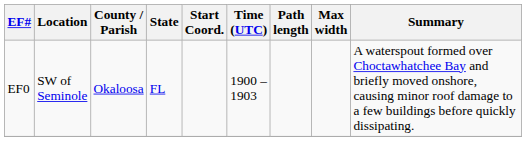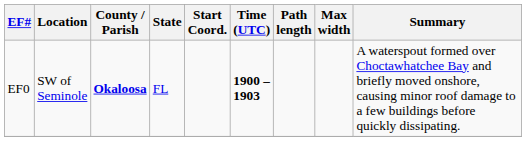 <table class="wikitable sortable" style="width:100%;">
 <tr>
 <th scope="col" width="3%" align="center"><a href='#'>EF#</a></th>
 <th scope="col" width="7%" align="center" class="unsortable">Location</th>
 <th scope="col" width="6%" align="center" class="unsortable">County / Parish</th>
 <th scope="col" width="5%" align="center">State</th>
 <th scope="col" width="6%" align="center">Start Coord.</th>
 <th scope="col" width="6%" align="center">Time (<a href='#'>UTC</a>)</th>
 <th scope="col" width="6%" align="center">Path length</th>
 <th scope="col" width="6%" align="center">Max width</th>
 <th scope="col" width="48%" class="unsortable" align="center">Summary</th>
 </tr>
 <tr>
 <td>EF0</td>
 <td>SW of <a href='#'>Seminole</a></td>
-<td><a href='#'>Okaloosa</a></td>
+<td><strong><a href='#'>Okaloosa</a></strong></td>
 <td><a href='#'>FL</a></td>
 <td></td>
-<td>1900 – 1903</td>
+<td><strong>1900 – 1903</strong></td>
 <td></td>
 <td></td>
 <td>A waterspout formed over <a href='#'>Choctawhatchee Bay</a> and briefly moved onshore, causing minor roof damage to a few buildings before quickly dissipating.</td>
 </tr>
 <tr>
 </tr>
 </table>
